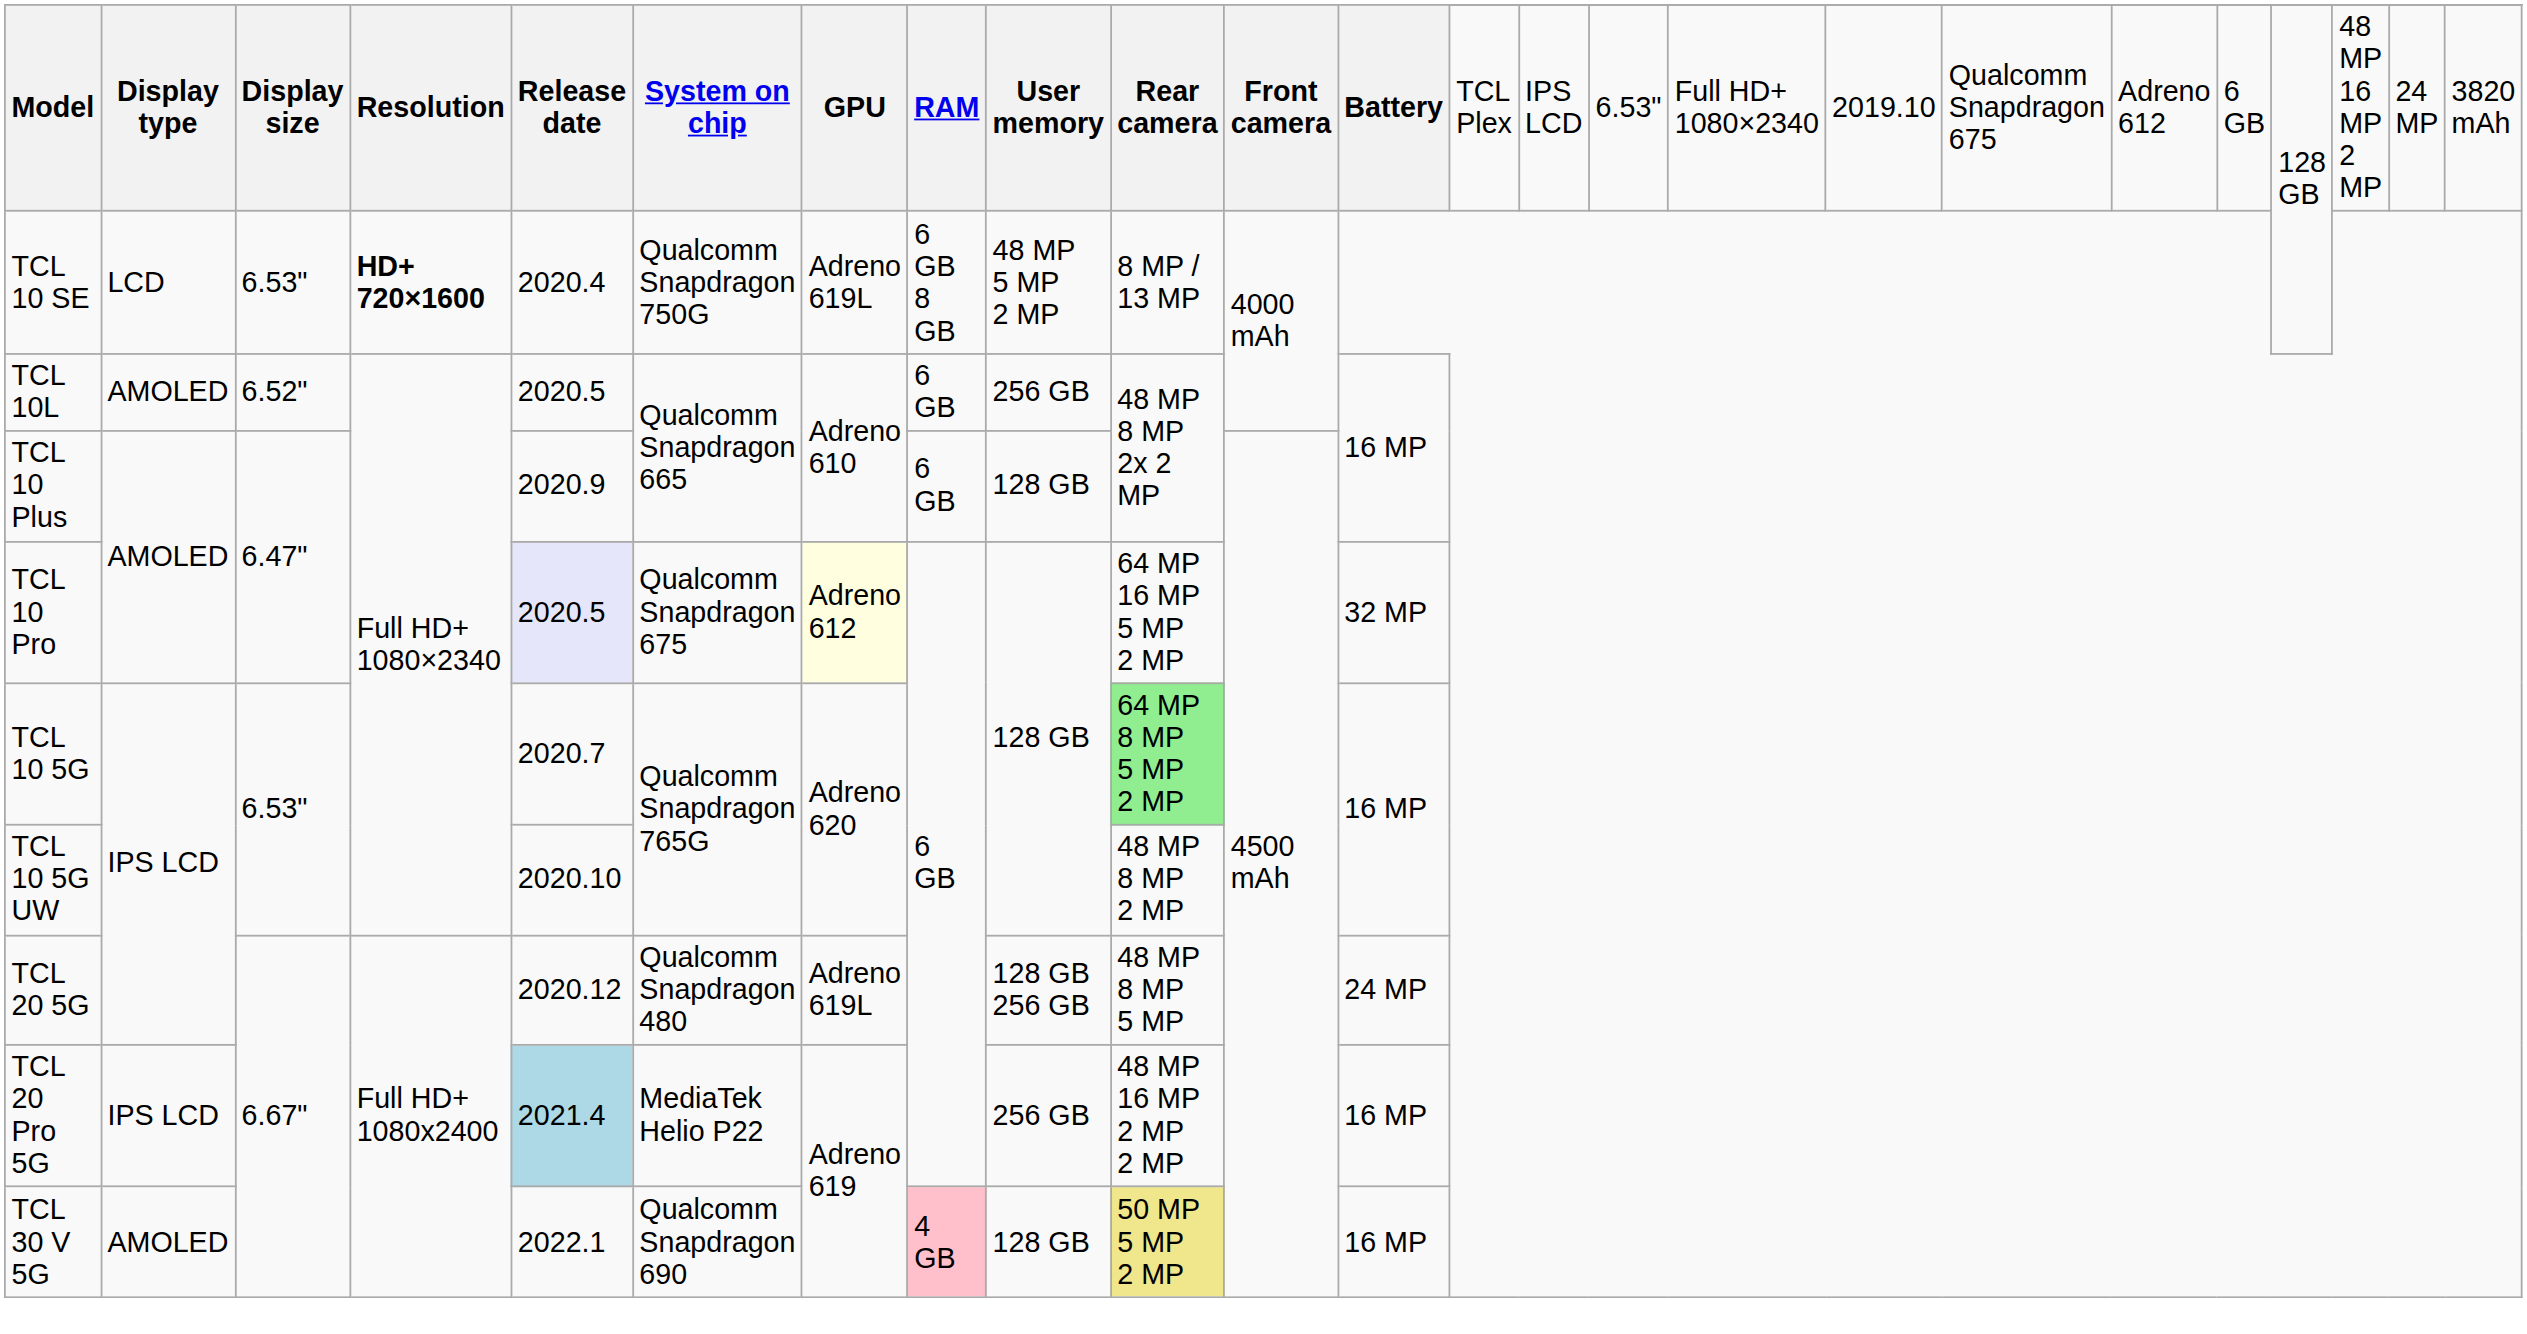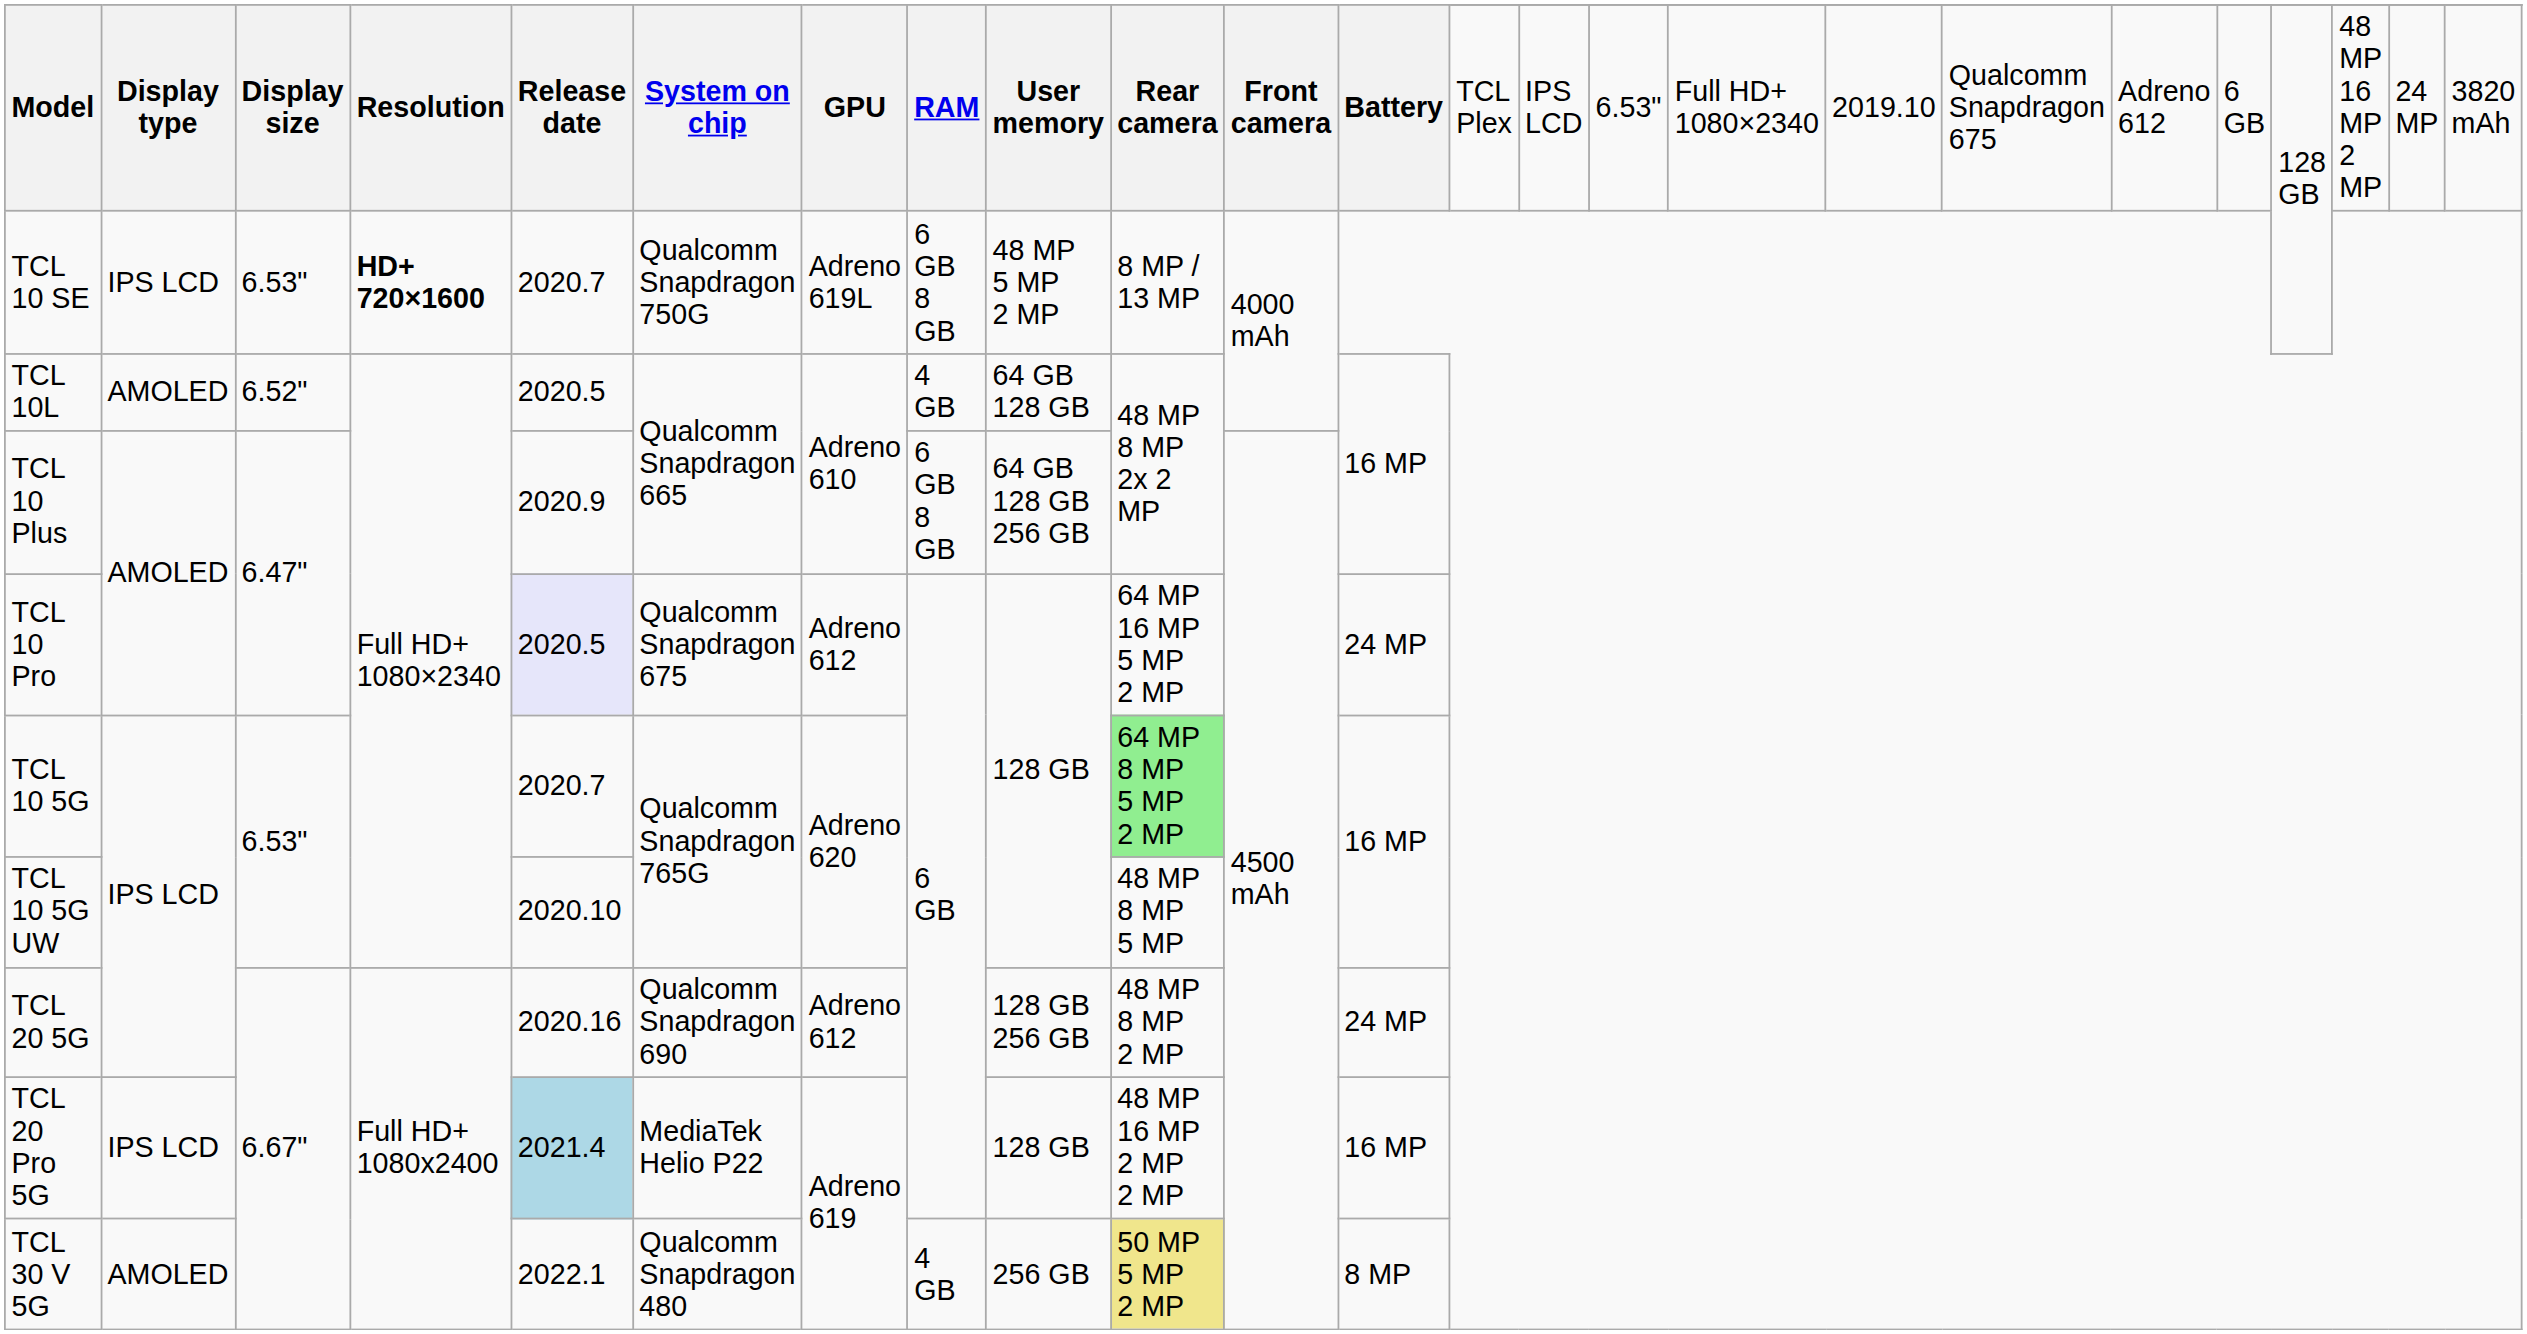 <table class="wikitable sortable mw-collapsible" style="margin-left: auto;">
 <tr>
 <th rowspan="2">Model</th>
 <th rowspan="2">Display type</th>
 <th rowspan="2">Display size</th>
 <th rowspan="2">Resolution</th>
 <th rowspan="2">Release date</th>
 <th rowspan="2"><a href='#'>System on chip</a></th>
 <th rowspan="2">GPU</th>
 <th rowspan="2"><a href='#'>RAM</a></th>
 <th rowspan="2">User memory</th>
 <th rowspan="2">Rear camera</th>
 <th rowspan="2">Front camera</th>
 <th rowspan="2">Battery</th>
 </tr>
 <tr>
 <td>TCL Plex</td>
 <td>IPS LCD</td>
 <td>6.53"</td>
 <td>Full HD+ 1080×2340</td>
 <td>2019.10</td>
 <td>Qualcomm Snapdragon 675</td>
 <td>Adreno 612</td>
 <td>6 GB</td>
 <td rowspan="2">128 GB</td>
 <td>48 MP<br>16 MP<br>2 MP</td>
 <td>24 MP</td>
 <td>3820 mAh</td>
 </tr>
 <tr>
 <td>TCL 10 SE</td>
-<td>LCD</td>
+<td>IPS LCD</td>
 <td>6.53"</td>
 <td><strong>HD+ 720×1600</strong></td>
-<td>2020.4</td>
+<td>2020.7</td>
 <td>Qualcomm Snapdragon 750G</td>
 <td>Adreno 619L</td>
 <td>6 GB<br>8 GB</td>
 <td>48 MP<br>5 MP<br>2 MP</td>
 <td>8 MP / 13 MP</td>
 <td rowspan="2">4000 mAh</td>
 </tr>
 <tr>
 <td>TCL 10L</td>
 <td>AMOLED</td>
 <td>6.52"</td>
 <td rowspan="5">Full HD+ 1080×2340</td>
 <td>2020.5</td>
 <td rowspan="2">Qualcomm Snapdragon 665</td>
 <td rowspan="2">Adreno 610</td>
-<td>6 GB</td>
-<td>256 GB</td>
+<td>4 GB</td>
+<td>64 GB<br>128 GB</td>
 <td rowspan="2">48 MP<br>8 MP<br>2x 2 MP</td>
 <td rowspan="2">16 MP</td>
 </tr>
 <tr>
 <td>TCL 10 Plus</td>
 <td rowspan="2">AMOLED</td>
 <td rowspan="2">6.47"</td>
 <td>2020.9</td>
-<td>6 GB</td>
-<td>128 GB</td>
+<td>6 GB<br>8 GB</td>
+<td>64 GB<br>128 GB<br>256 GB</td>
 <td rowspan="7">4500 mAh</td>
 </tr>
 <tr>
 <td>TCL 10 Pro</td>
 <td style="background: lavender;">2020.5</td>
 <td>Qualcomm Snapdragon 675</td>
-<td style="background: lightyellow;">Adreno 612</td>
+<td>Adreno 612</td>
 <td rowspan="5">6 GB</td>
 <td rowspan="3">128 GB</td>
 <td>64 MP<br>16 MP<br>5 MP<br>2 MP</td>
-<td>32 MP</td>
+<td>24 MP</td>
 </tr>
 <tr>
 <td>TCL 10 5G</td>
 <td rowspan="3">IPS LCD</td>
 <td rowspan="2">6.53"</td>
 <td>2020.7</td>
 <td rowspan="2">Qualcomm Snapdragon 765G</td>
 <td rowspan="2">Adreno 620</td>
 <td style="background: lightgreen;">64 MP<br>8 MP<br>5 MP<br>2 MP</td>
 <td rowspan="2">16 MP</td>
 </tr>
 <tr>
 <td>TCL 10 5G UW</td>
 <td>2020.10</td>
-<td>48 MP<br>8 MP<br>2 MP</td>
+<td>48 MP<br>8 MP<br>5 MP</td>
 </tr>
 <tr>
 <td>TCL 20 5G</td>
 <td rowspan="3">6.67"</td>
 <td rowspan="3">Full HD+ 1080x2400</td>
-<td>2020.12</td>
-<td>Qualcomm Snapdragon 480</td>
-<td>Adreno 619L</td>
+<td>2020.16</td>
+<td>Qualcomm Snapdragon 690</td>
+<td>Adreno 612</td>
 <td>128 GB<br>256 GB</td>
-<td>48 MP<br>8 MP<br>5 MP</td>
+<td>48 MP<br>8 MP<br>2 MP</td>
 <td>24 MP</td>
 </tr>
 <tr>
 <td>TCL 20 Pro 5G</td>
 <td>IPS LCD</td>
 <td style="background: lightblue;">2021.4</td>
 <td>MediaTek Helio P22</td>
 <td rowspan="2">Adreno 619</td>
-<td>256 GB</td>
+<td>128 GB</td>
 <td>48 MP<br>16 MP<br>2 MP<br>2 MP</td>
 <td>16 MP</td>
 </tr>
 <tr>
 <td>TCL 30 V 5G</td>
 <td>AMOLED</td>
 <td>2022.1</td>
-<td>Qualcomm Snapdragon 690</td>
-<td style="background: pink;">4 GB</td>
-<td>128 GB</td>
+<td>Qualcomm Snapdragon 480</td>
+<td>4 GB</td>
+<td>256 GB</td>
 <td style="background: khaki;">50 MP<br>5 MP<br>2 MP</td>
-<td>16 MP</td>
+<td>8 MP</td>
 </tr>
 </table>
